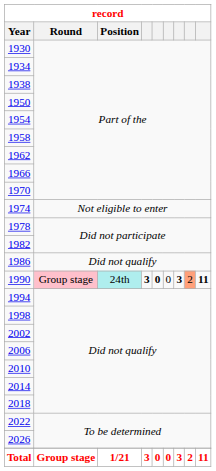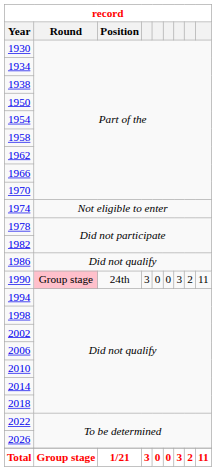 <table class="wikitable" style="text-align: center;font-size:100%">
 <tr style="color:red;">
 <th style="background:#ffffff;" colspan=9><a href='#'></a> record</th>
 </tr>
 <tr>
 <th>Year</th>
 <th>Round</th>
 <th>Position</th>
 <th></th>
 <th></th>
 <th></th>
 <th></th>
 <th></th>
 <th></th>
 </tr>
 <tr>
 <td> <a href='#'>1930</a></td>
 <td colspan=8 rowspan=9><em>Part of the </em></td>
 </tr>
 <tr>
 <td> <a href='#'>1934</a></td>
 </tr>
 <tr>
 <td> <a href='#'>1938</a></td>
 </tr>
 <tr>
 <td> <a href='#'>1950</a></td>
 </tr>
 <tr>
 <td> <a href='#'>1954</a></td>
 </tr>
 <tr>
 <td> <a href='#'>1958</a></td>
 </tr>
 <tr>
 <td> <a href='#'>1962</a></td>
 </tr>
 <tr>
 <td> <a href='#'>1966</a></td>
 </tr>
 <tr>
 <td> <a href='#'>1970</a></td>
 </tr>
 <tr>
 <td> <a href='#'>1974</a></td>
 <td colspan=8><em>Not eligible to enter</em></td>
 </tr>
 <tr>
 <td> <a href='#'>1978</a></td>
 <td colspan=8 rowspan=2><em>Did not participate</em></td>
 </tr>
 <tr>
 <td> <a href='#'>1982</a></td>
 </tr>
 <tr>
 <td> <a href='#'>1986</a></td>
 <td colspan=8><em>Did not qualify</em></td>
 </tr>
 <tr>
 <td> <a href='#'>1990</a></td>
 <td style="background: pink;">Group stage</td>
-<td style="background: paleturquoise;">24th</td>
-<td><strong>3</strong></td>
-<td><strong>0</strong></td>
+<td>24th</td>
+<td>3</td>
 <td>0</td>
-<td><strong>3</strong></td>
-<td style="background: lightsalmon;">2</td>
-<td><strong>11</strong></td>
+<td>0</td>
+<td>3</td>
+<td>2</td>
+<td>11</td>
 </tr>
 <tr>
 <td> <a href='#'>1994</a></td>
 <td colspan=8 rowspan=7><em>Did not qualify</em></td>
 </tr>
 <tr>
 <td> <a href='#'>1998</a></td>
 </tr>
 <tr>
 <td> <a href='#'>2002</a></td>
 </tr>
 <tr>
 <td> <a href='#'>2006</a></td>
 </tr>
 <tr>
 <td> <a href='#'>2010</a></td>
 </tr>
 <tr>
 <td> <a href='#'>2014</a></td>
 </tr>
 <tr>
 <td> <a href='#'>2018</a></td>
 </tr>
 <tr>
 <td> <a href='#'>2022</a></td>
 <td colspan=8 rowspan=2><em>To be determined</em></td>
 </tr>
 <tr>
 <td> <a href='#'>2026</a></td>
 </tr>
 <tr>
 </tr>
 <tr style="color:red;">
 <th style="background:#ffffff;"><strong>Total</strong></th>
 <th style="background:#ffffff;"><strong>Group stage</strong></th>
 <th style="background:#ffffff;"><strong>1/21</strong></th>
 <th style="background:#ffffff;"><strong>3</strong></th>
 <th style="background:#ffffff;"><strong>0</strong></th>
 <th style="background:#ffffff;"><strong>0</strong></th>
 <th style="background:#ffffff;"><strong>3</strong></th>
 <th style="background:#ffffff;"><strong>2</strong></th>
 <th style="background:#ffffff;"><strong>11</strong></th>
 </tr>
 </table>
